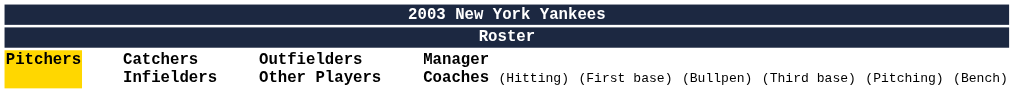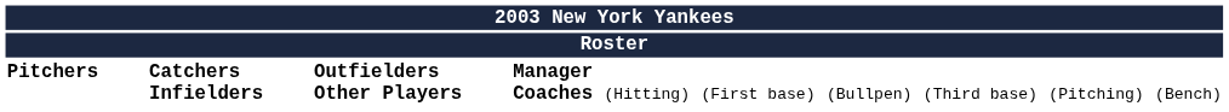 <table class="toccolours" style="font-size: 95%;">
 <tr>
 <th colspan="10" style="background-color: #1c2841; color: white; text-align: center;">2003 New York Yankees</th>
 </tr>
 <tr>
 <td colspan="10" style="background-color: #1c2841; color: white; text-align: center;"><strong>Roster</strong></td>
 </tr>
 <tr>
-<td valign="top" style="background: gold;"><strong>Pitchers</strong><br>                      </td>
+<td valign="top"><strong>Pitchers</strong><br>                      </td>
 <td width="25px"></td>
 <td valign="top"><strong>Catchers</strong><br>   <strong>Infielders</strong>           </td>
 <td width="25px"></td>
 <td valign="top"><strong>Outfielders</strong><br>           <strong>Other Players</strong> </td>
 <td width="25px"></td>
 <td valign="top"><strong>Manager</strong><br> <strong>Coaches</strong>  <small>(Hitting)</small>  <small>(First base)</small>  <small>(Bullpen)</small>  <small>(Third base)</small>  <small>(Pitching)</small>  <small>(Bench)</small></td>
 </tr>
 </table>
